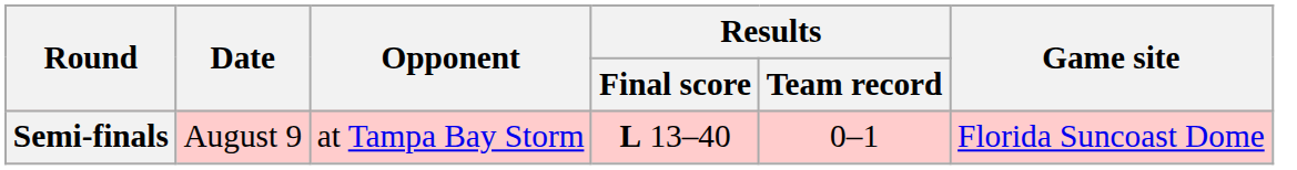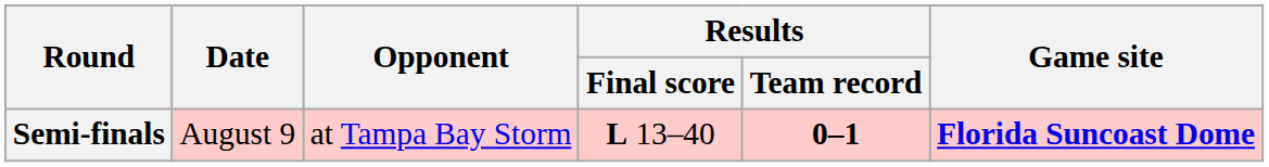 <table class="wikitable" style="font-size: 92%;" "align=center">
 <tr>
 <th rowspan="2">Round</th>
 <th rowspan="2">Date</th>
 <th rowspan="2">Opponent</th>
 <th colspan="2">Results</th>
 <th rowspan="2">Game site</th>
 </tr>
 <tr>
 <th>Final score</th>
 <th>Team record</th>
 </tr>
 <tr style="background:#fcc">
 <th>Semi-finals</th>
 <td style="text-align:center;">August 9</td>
 <td style="text-align:center;">at <a href='#'>Tampa Bay Storm</a></td>
 <td style="text-align:center;"><strong>L</strong> 13–40</td>
-<td style="text-align:center;">0–1</td>
-<td style="text-align:center;"><a href='#'>Florida Suncoast Dome</a></td>
+<td style="text-align:center;"><strong>0–1</strong></td>
+<td style="text-align:center;"><strong><a href='#'>Florida Suncoast Dome</a></strong></td>
 </tr>
 </table>
